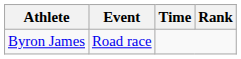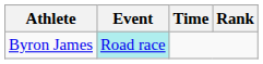 <table class="wikitable" style="font-size:90%">
 <tr>
 <th>Athlete</th>
 <th>Event</th>
 <th>Time</th>
 <th>Rank</th>
 </tr>
 <tr align=center>
 <td align=left><a href='#'>Byron James</a></td>
-<td align=left><a href='#'>Road race</a></td>
+<td align=left style="background: paleturquoise;"><a href='#'>Road race</a></td>
 <td colspan=2></td>
 </tr>
 </table>
